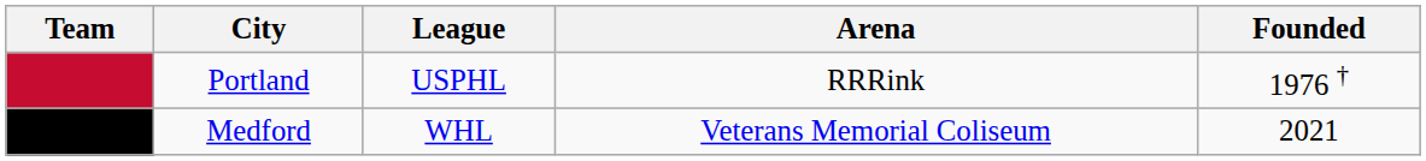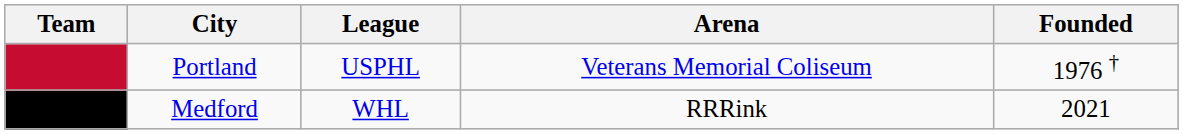 <table class="wikitable sortable" width="60%">
 <tr>
 <th>Team</th>
 <th>City</th>
 <th>League</th>
 <th>Arena</th>
 <th>Founded</th>
 </tr>
 <tr align=center>
 <td style="color:white; background:#C60C30; "><strong><a href='#'></a></strong></td>
 <td><a href='#'>Portland</a></td>
 <td><a href='#'>USPHL</a></td>
-<td>RRRink</td>
+<td><a href='#'>Veterans Memorial Coliseum</a></td>
 <td>1976 <sup>†</sup></td>
 </tr>
 <tr align=center>
 <td style="color:white; background:#000000; "><strong><a href='#'></a></strong></td>
 <td><a href='#'>Medford</a></td>
 <td><a href='#'>WHL</a></td>
-<td><a href='#'>Veterans Memorial Coliseum</a></td>
+<td>RRRink</td>
 <td>2021</td>
 </tr>
 </table>
